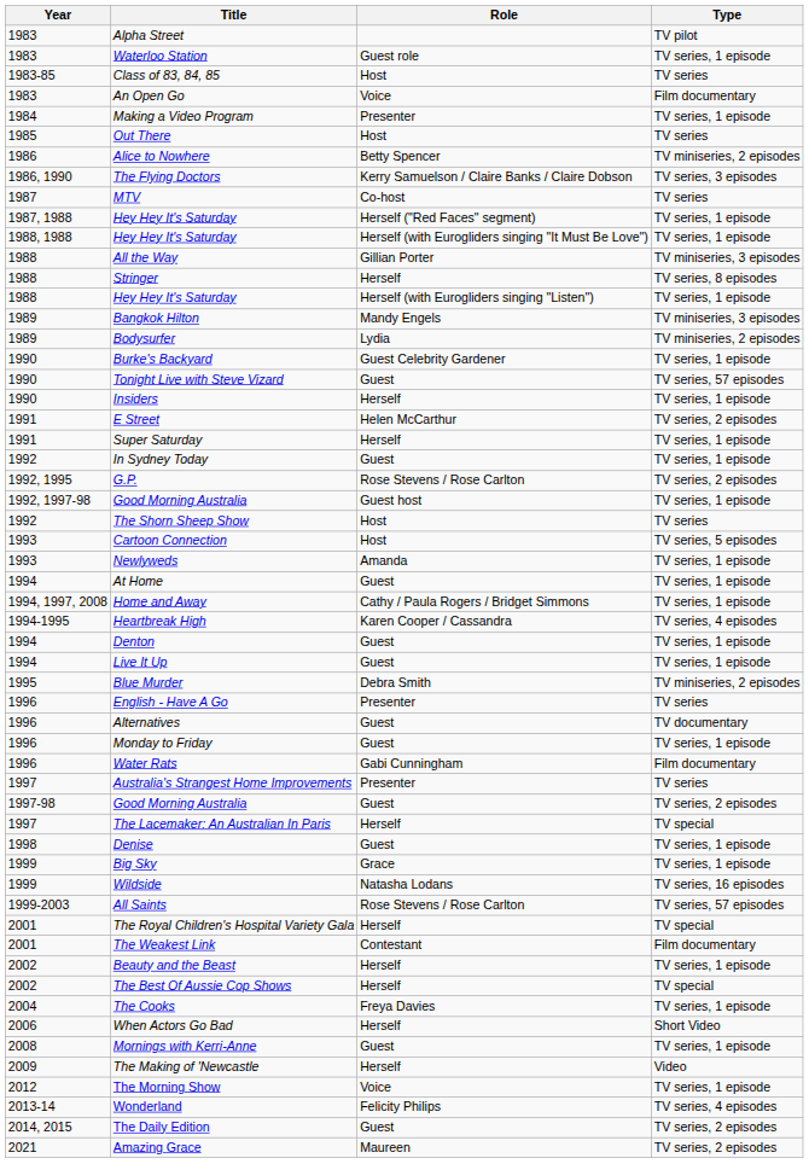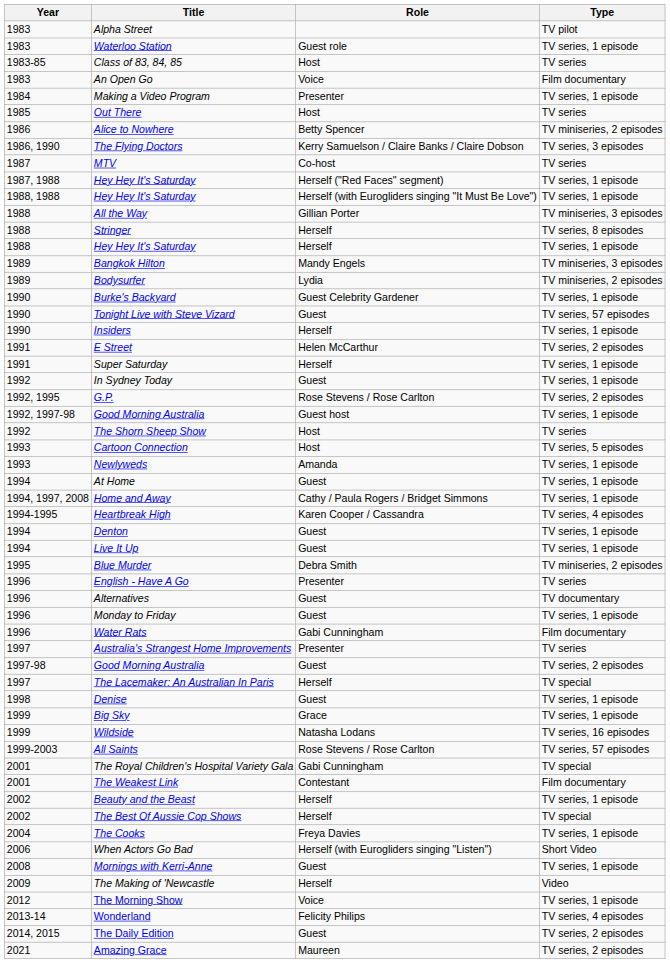 <table class="wikitable">
 <tr>
 <th>Year</th>
 <th>Title</th>
 <th>Role</th>
 <th>Type</th>
 </tr>
 <tr>
 <td>1983</td>
 <td><em>Alpha Street</em></td>
 <td></td>
 <td>TV pilot</td>
 </tr>
 <tr>
 <td>1983</td>
 <td><em><a href='#'>Waterloo Station</a></em></td>
 <td>Guest role</td>
 <td>TV series, 1 episode</td>
 </tr>
 <tr>
 <td>1983-85</td>
 <td><em>Class of 83, 84, 85</em></td>
 <td>Host</td>
 <td>TV series</td>
 </tr>
 <tr>
 <td>1983</td>
 <td><em>An Open Go</em></td>
 <td>Voice</td>
 <td>Film documentary</td>
 </tr>
 <tr>
 <td>1984</td>
 <td><em>Making a Video Program</em></td>
 <td>Presenter</td>
 <td>TV series, 1 episode</td>
 </tr>
 <tr>
 <td>1985</td>
 <td><em><a href='#'>Out There</a></em></td>
 <td>Host</td>
 <td>TV series</td>
 </tr>
 <tr>
 <td>1986</td>
 <td><em><a href='#'>Alice to Nowhere</a></em></td>
 <td>Betty Spencer</td>
 <td>TV miniseries, 2 episodes</td>
 </tr>
 <tr>
 <td>1986, 1990</td>
 <td><em><a href='#'>The Flying Doctors</a></em></td>
 <td>Kerry Samuelson / Claire Banks / Claire Dobson</td>
 <td>TV series, 3 episodes</td>
 </tr>
 <tr>
 <td>1987</td>
 <td><em><a href='#'>MTV</a></em></td>
 <td>Co-host</td>
 <td>TV series</td>
 </tr>
 <tr>
 <td>1987, 1988</td>
 <td><em><a href='#'>Hey Hey It's Saturday</a></em></td>
 <td>Herself ("Red Faces" segment)</td>
 <td>TV series, 1 episode</td>
 </tr>
 <tr>
 <td>1988, 1988</td>
 <td><em><a href='#'>Hey Hey It's Saturday</a></em></td>
 <td>Herself (with Eurogliders singing "It Must Be Love")</td>
 <td>TV series, 1 episode</td>
 </tr>
 <tr>
 <td>1988</td>
 <td><em><a href='#'>All the Way</a></em></td>
 <td>Gillian Porter</td>
 <td>TV miniseries, 3 episodes</td>
 </tr>
 <tr>
 <td>1988</td>
 <td><em><a href='#'>Stringer</a></em></td>
 <td>Herself</td>
 <td>TV series, 8 episodes</td>
 </tr>
 <tr>
 <td>1988</td>
 <td><em><a href='#'>Hey Hey It's Saturday</a></em></td>
-<td>Herself (with Eurogliders singing "Listen")</td>
+<td>Herself</td>
 <td>TV series, 1 episode</td>
 </tr>
 <tr>
 <td>1989</td>
 <td><em><a href='#'>Bangkok Hilton</a></em></td>
 <td>Mandy Engels</td>
 <td>TV miniseries, 3 episodes</td>
 </tr>
 <tr>
 <td>1989</td>
 <td><em><a href='#'>Bodysurfer</a></em></td>
 <td>Lydia</td>
 <td>TV miniseries, 2 episodes</td>
 </tr>
 <tr>
 <td>1990</td>
 <td><em><a href='#'>Burke's Backyard</a></em></td>
 <td>Guest Celebrity Gardener</td>
 <td>TV series, 1 episode</td>
 </tr>
 <tr>
 <td>1990</td>
 <td><em><a href='#'>Tonight Live with Steve Vizard</a></em></td>
 <td>Guest</td>
 <td>TV series, 57 episodes</td>
 </tr>
 <tr>
 <td>1990</td>
 <td><em><a href='#'>Insiders</a></em></td>
 <td>Herself</td>
 <td>TV series, 1 episode</td>
 </tr>
 <tr>
 <td>1991</td>
 <td><em><a href='#'>E Street</a></em></td>
 <td>Helen McCarthur</td>
 <td>TV series, 2 episodes</td>
 </tr>
 <tr>
 <td>1991</td>
 <td><em>Super Saturday</em></td>
 <td>Herself</td>
 <td>TV series, 1 episode</td>
 </tr>
 <tr>
 <td>1992</td>
 <td><em>In Sydney Today</em></td>
 <td>Guest</td>
 <td>TV series, 1 episode</td>
 </tr>
 <tr>
 <td>1992, 1995</td>
 <td><em><a href='#'>G.P.</a></em></td>
 <td>Rose Stevens / Rose Carlton</td>
 <td>TV series, 2 episodes</td>
 </tr>
 <tr>
 <td>1992, 1997-98</td>
 <td><em><a href='#'>Good Morning Australia</a></em></td>
 <td>Guest host</td>
 <td>TV series, 1 episode</td>
 </tr>
 <tr>
 <td>1992</td>
 <td><em><a href='#'>The Shorn Sheep Show</a></em></td>
 <td>Host</td>
 <td>TV series</td>
 </tr>
 <tr>
 <td>1993</td>
 <td><em><a href='#'>Cartoon Connection</a></em></td>
 <td>Host</td>
 <td>TV series, 5 episodes</td>
 </tr>
 <tr>
 <td>1993</td>
 <td><em><a href='#'>Newlyweds</a></em></td>
 <td>Amanda</td>
 <td>TV series, 1 episode</td>
 </tr>
 <tr>
 <td>1994</td>
 <td><em>At Home</em></td>
 <td>Guest</td>
 <td>TV series, 1 episode</td>
 </tr>
 <tr>
 <td>1994, 1997, 2008</td>
 <td><em><a href='#'>Home and Away</a></em></td>
 <td>Cathy / Paula Rogers / Bridget Simmons</td>
 <td>TV series, 1 episode</td>
 </tr>
 <tr>
 <td>1994-1995</td>
 <td><em><a href='#'>Heartbreak High</a></em></td>
 <td>Karen Cooper / Cassandra</td>
 <td>TV series, 4 episodes</td>
 </tr>
 <tr>
 <td>1994</td>
 <td><em><a href='#'>Denton</a></em></td>
 <td>Guest</td>
 <td>TV series, 1 episode</td>
 </tr>
 <tr>
 <td>1994</td>
 <td><em><a href='#'>Live It Up</a></em></td>
 <td>Guest</td>
 <td>TV series, 1 episode</td>
 </tr>
 <tr>
 <td>1995</td>
 <td><em><a href='#'>Blue Murder</a></em></td>
 <td>Debra Smith</td>
 <td>TV miniseries, 2 episodes</td>
 </tr>
 <tr>
 <td>1996</td>
 <td><em><a href='#'>English - Have A Go</a></em></td>
 <td>Presenter</td>
 <td>TV series</td>
 </tr>
 <tr>
 <td>1996</td>
 <td><em>Alternatives</em></td>
 <td>Guest</td>
 <td>TV documentary</td>
 </tr>
 <tr>
 <td>1996</td>
 <td><em>Monday to Friday</em></td>
 <td>Guest</td>
 <td>TV series, 1 episode</td>
 </tr>
 <tr>
 <td>1996</td>
 <td><em><a href='#'>Water Rats</a></em></td>
 <td>Gabi Cunningham</td>
 <td>Film documentary</td>
 </tr>
 <tr>
 <td>1997</td>
 <td><em><a href='#'>Australia's Strangest Home Improvements</a></em></td>
 <td>Presenter</td>
 <td>TV series</td>
 </tr>
 <tr>
 <td>1997-98</td>
 <td><em><a href='#'>Good Morning Australia</a></em></td>
 <td>Guest</td>
 <td>TV series, 2 episodes</td>
 </tr>
 <tr>
 <td>1997</td>
 <td><em><a href='#'>The Lacemaker: An Australian In Paris</a></em></td>
 <td>Herself</td>
 <td>TV special</td>
 </tr>
 <tr>
 <td>1998</td>
 <td><em><a href='#'>Denise</a></em></td>
 <td>Guest</td>
 <td>TV series, 1 episode</td>
 </tr>
 <tr>
 <td>1999</td>
 <td><em><a href='#'>Big Sky</a></em></td>
 <td>Grace</td>
 <td>TV series, 1 episode</td>
 </tr>
 <tr>
 <td>1999</td>
 <td><em><a href='#'>Wildside</a></em></td>
 <td>Natasha Lodans</td>
 <td>TV series, 16 episodes</td>
 </tr>
 <tr>
 <td>1999-2003</td>
 <td><em><a href='#'>All Saints</a></em></td>
 <td>Rose Stevens / Rose Carlton</td>
 <td>TV series, 57 episodes</td>
 </tr>
 <tr>
 <td>2001</td>
 <td><em>The Royal Children's Hospital Variety Gala</em></td>
-<td>Herself</td>
+<td>Gabi Cunningham</td>
 <td>TV special</td>
 </tr>
 <tr>
 <td>2001</td>
 <td><em><a href='#'>The Weakest Link</a></em></td>
 <td>Contestant</td>
 <td>Film documentary</td>
 </tr>
 <tr>
 <td>2002</td>
 <td><em><a href='#'>Beauty and the Beast</a></em></td>
 <td>Herself</td>
 <td>TV series, 1 episode</td>
 </tr>
 <tr>
 <td>2002</td>
 <td><em><a href='#'>The Best Of Aussie Cop Shows</a></em></td>
 <td>Herself</td>
 <td>TV special</td>
 </tr>
 <tr>
 <td>2004</td>
 <td><em><a href='#'>The Cooks</a></em></td>
 <td>Freya Davies</td>
 <td>TV series, 1 episode</td>
 </tr>
 <tr>
 <td>2006</td>
 <td><em>When Actors Go Bad</em></td>
-<td>Herself</td>
+<td>Herself (with Eurogliders singing "Listen")</td>
 <td>Short Video</td>
 </tr>
 <tr>
 <td>2008</td>
 <td><em><a href='#'>Mornings with Kerri-Anne</a></em></td>
 <td>Guest</td>
 <td>TV series, 1 episode</td>
 </tr>
 <tr>
 <td>2009</td>
 <td><em>The Making of 'Newcastle<strong></td>
 <td>Herself</td>
 <td>Video</td>
 </tr>
 <tr>
 <td>2012</td>
 <td></em><a href='#'>The Morning Show</a><em></td>
 <td>Voice</td>
 <td>TV series, 1 episode</td>
 </tr>
 <tr>
 <td>2013-14</td>
 <td></em><a href='#'>Wonderland</a><em></td>
 <td>Felicity Philips</td>
 <td>TV series, 4 episodes</td>
 </tr>
 <tr>
 <td>2014, 2015</td>
 <td></em><a href='#'>The Daily Edition</a><em></td>
 <td>Guest</td>
 <td>TV series, 2 episodes</td>
 </tr>
 <tr>
 <td>2021</td>
 <td></em><a href='#'>Amazing Grace</a><em></td>
 <td>Maureen</td>
 <td>TV series, 2 episodes</td>
 </tr>
 </table>
